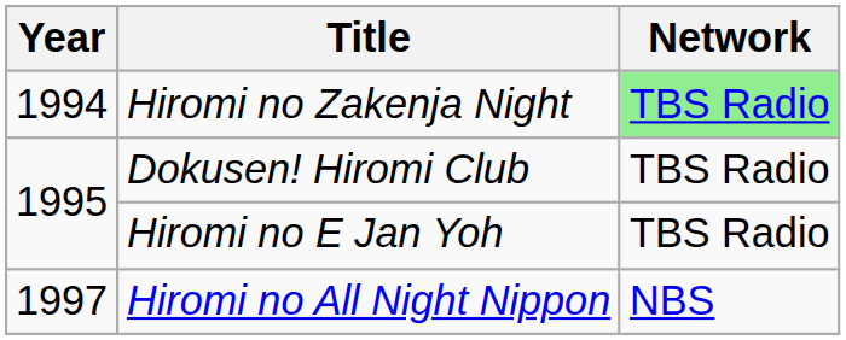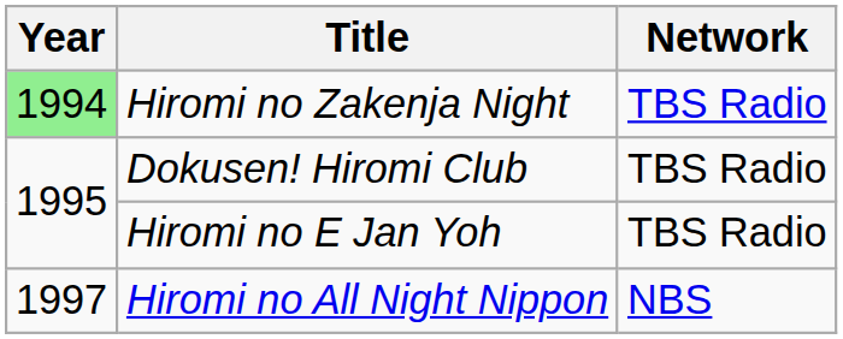 <table class="wikitable">
 <tr>
 <th>Year</th>
 <th>Title</th>
 <th>Network</th>
 </tr>
 <tr>
-<td>1994</td>
+<td style="background: lightgreen;">1994</td>
 <td><em>Hiromi no Zakenja Night</em></td>
-<td style="background: lightgreen;"><a href='#'>TBS Radio</a></td>
+<td><a href='#'>TBS Radio</a></td>
 </tr>
 <tr>
 <td rowspan="2">1995</td>
 <td><em>Dokusen! Hiromi Club</em></td>
 <td>TBS Radio</td>
 </tr>
 <tr>
 <td><em>Hiromi no E Jan Yoh</em></td>
 <td>TBS Radio</td>
 </tr>
 <tr>
 <td>1997</td>
 <td><em><a href='#'>Hiromi no All Night Nippon</a></em></td>
 <td><a href='#'>NBS</a></td>
 </tr>
 </table>
